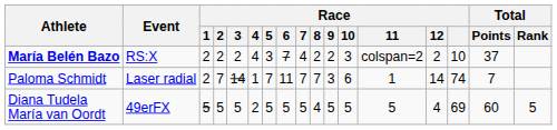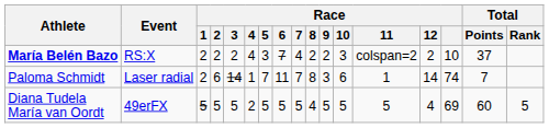 <table class=wikitable style=font-size:90%;text-align:center>
 <tr>
 <th rowspan=2>Athlete</th>
 <th rowspan=2>Event</th>
 <th colspan=13>Race</th>
 <th colspan=2>Total</th>
 </tr>
 <tr style=font-size:95%>
 <th>1</th>
 <th>2</th>
 <th>3</th>
 <th>4</th>
 <th>5</th>
 <th>6</th>
 <th>7</th>
 <th>8</th>
 <th>9</th>
 <th>10</th>
 <th>11</th>
 <th>12</th>
 <th></th>
 <th>Points</th>
 <th>Rank</th>
 </tr>
 <tr>
 <td align=left><strong><a href='#'>María Belén Bazo</a></strong></td>
 <td align=left><a href='#'>RS:X</a></td>
 <td>2</td>
 <td>2</td>
 <td>2</td>
 <td>4</td>
 <td>3</td>
 <td><s>7</s></td>
 <td>4</td>
 <td>2</td>
 <td>2</td>
 <td>3</td>
 <td>colspan=2 </td>
 <td>2</td>
 <td>10</td>
 <td>37</td>
 <td></td>
 </tr>
 <tr>
 <td align=left><a href='#'>Paloma Schmidt</a></td>
 <td align=left><a href='#'>Laser radial</a></td>
 <td>2</td>
-<td>7</td>
+<td>6</td>
 <td><s>14</s></td>
 <td>1</td>
 <td>7</td>
 <td>11</td>
 <td>7</td>
-<td>7</td>
+<td>8</td>
 <td>3</td>
 <td>6</td>
 <td>1</td>
 <td>14</td>
 <td>74</td>
 <td>7</td>
 </tr>
 <tr>
 <td align=left><a href='#'>Diana Tudela</a><br><a href='#'>María van Oordt</a></td>
 <td align=left><a href='#'>49erFX</a></td>
 <td><s>5</s></td>
 <td>5</td>
 <td>5</td>
 <td>2</td>
 <td>5</td>
 <td>5</td>
 <td>5</td>
 <td>4</td>
 <td>5</td>
 <td>5</td>
 <td>5</td>
 <td>4</td>
 <td>69</td>
 <td>60</td>
 <td>5</td>
 </tr>
 </table>
